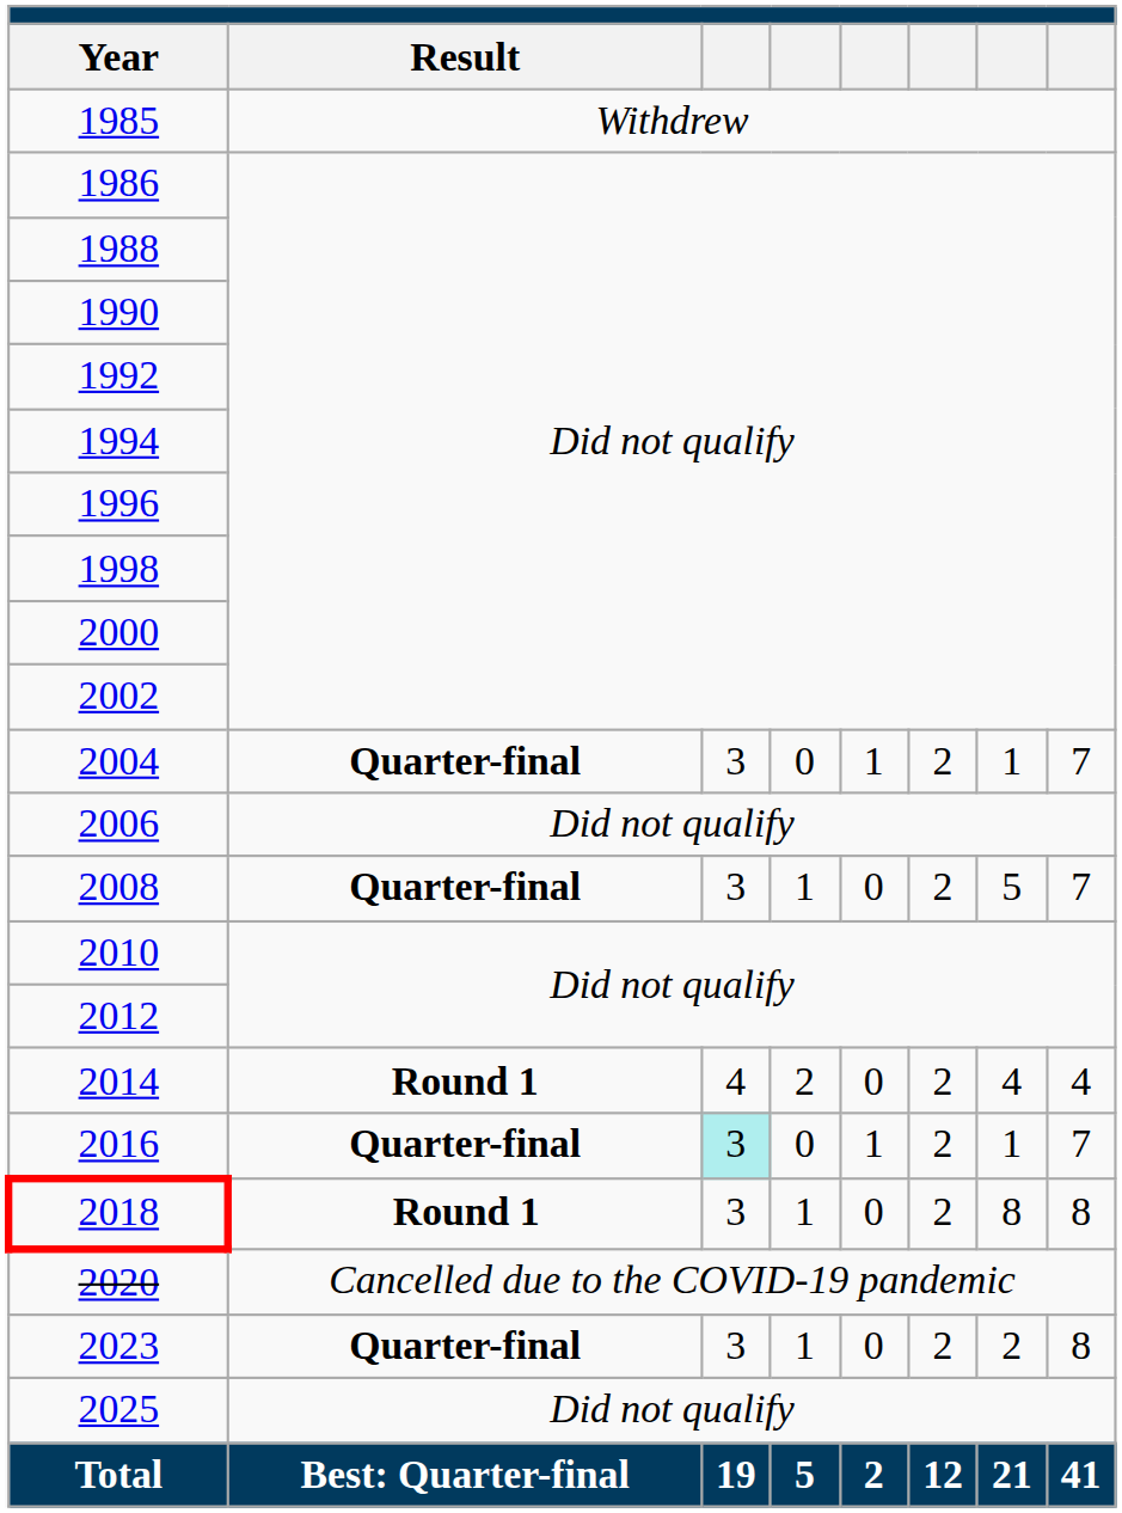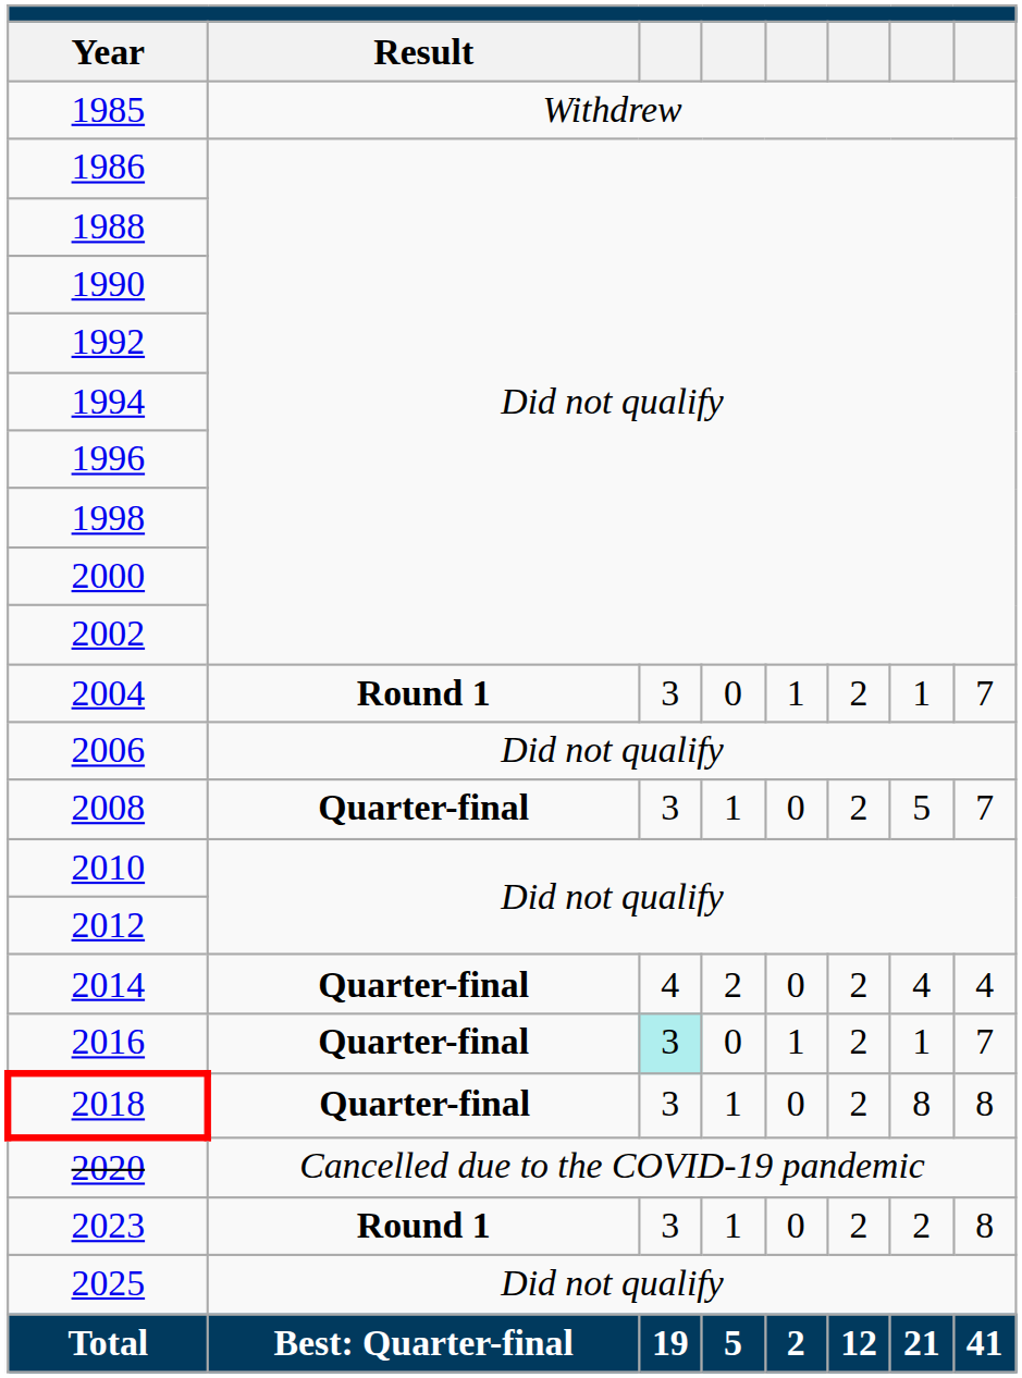 <table class="wikitable" style="text-align: center">
 <tr>
 <th colspan=9 style="background: #013A5E; color: #FFFFFF;"><a href='#'></a></th>
 </tr>
 <tr>
 <th width=80>Year</th>
 <th width=180>Result</th>
 <th width=20></th>
 <th width=20></th>
 <th width=20></th>
 <th width=20></th>
 <th width=20></th>
 <th width=20></th>
 </tr>
 <tr>
 <td> <a href='#'>1985</a></td>
 <td colspan=7><em>Withdrew</em></td>
 </tr>
 <tr>
 <td> <a href='#'>1986</a></td>
 <td rowspan=9 colspan=7><em>Did not qualify</em></td>
 </tr>
 <tr>
 <td> <a href='#'>1988</a></td>
 </tr>
 <tr>
 <td> <a href='#'>1990</a></td>
 </tr>
 <tr>
 <td> <a href='#'>1992</a></td>
 </tr>
 <tr>
 <td> <a href='#'>1994</a></td>
 </tr>
 <tr>
 <td> <a href='#'>1996</a></td>
 </tr>
 <tr>
 <td> <a href='#'>1998</a></td>
 </tr>
 <tr>
 <td> <a href='#'>2000</a></td>
 </tr>
 <tr>
 <td> <a href='#'>2002</a></td>
 </tr>
 <tr>
 <td> <a href='#'>2004</a></td>
-<td><strong>Quarter-final</strong></td>
+<td><strong>Round 1</strong></td>
 <td>3</td>
 <td>0</td>
 <td>1</td>
 <td>2</td>
 <td>1</td>
 <td>7</td>
 </tr>
 <tr>
 <td> <a href='#'>2006</a></td>
 <td colspan=7><em>Did not qualify</em></td>
 </tr>
 <tr>
 <td> <a href='#'>2008</a></td>
 <td><strong>Quarter-final</strong></td>
 <td>3</td>
 <td>1</td>
 <td>0</td>
 <td>2</td>
 <td>5</td>
 <td>7</td>
 </tr>
 <tr>
 <td> <a href='#'>2010</a></td>
 <td rowspan=2 colspan=7><em>Did not qualify</em></td>
 </tr>
 <tr>
 <td> <a href='#'>2012</a></td>
 </tr>
 <tr>
 <td> <a href='#'>2014</a></td>
-<td><strong>Round 1</strong></td>
+<td><strong>Quarter-final</strong></td>
 <td>4</td>
 <td>2</td>
 <td>0</td>
 <td>2</td>
 <td>4</td>
 <td>4</td>
 </tr>
 <tr>
 <td> <a href='#'>2016</a></td>
 <td><strong>Quarter-final</strong></td>
 <td style="background: paleturquoise;">3</td>
 <td>0</td>
 <td>1</td>
 <td>2</td>
 <td>1</td>
 <td>7</td>
 </tr>
 <tr>
 <td style="border: 3px solid red"> <a href='#'>2018</a></td>
-<td><strong>Round 1</strong></td>
+<td><strong>Quarter-final</strong></td>
 <td>3</td>
 <td>1</td>
 <td>0</td>
 <td>2</td>
 <td>8</td>
 <td>8</td>
 </tr>
 <tr>
 <td> <s><a href='#'>2020</a></s></td>
 <td colspan=7><em>Cancelled due to the COVID-19 pandemic</em></td>
 </tr>
 <tr>
 <td> <a href='#'>2023</a></td>
-<td><strong>Quarter-final</strong></td>
+<td><strong>Round 1</strong></td>
 <td>3</td>
 <td>1</td>
 <td>0</td>
 <td>2</td>
 <td>2</td>
 <td>8</td>
 </tr>
 <tr>
 <td> <a href='#'>2025</a></td>
 <td colspan=8><em>Did not qualify</em></td>
 </tr>
 <tr>
 <td style="background: #013A5E; color: #FFFFFF;"><strong>Total</strong></td>
 <td style="background: #013A5E; color: #FFFFFF;"><strong>Best: Quarter-final</strong></td>
 <td style="background: #013A5E; color: #FFFFFF;"><strong>19</strong></td>
 <td style="background: #013A5E; color: #FFFFFF;"><strong>5</strong></td>
 <td style="background: #013A5E; color: #FFFFFF;"><strong>2</strong></td>
 <td style="background: #013A5E; color: #FFFFFF;"><strong>12</strong></td>
 <td style="background: #013A5E; color: #FFFFFF;"><strong>21</strong></td>
 <td style="background: #013A5E; color: #FFFFFF;"><strong>41</strong></td>
 </tr>
 </table>
